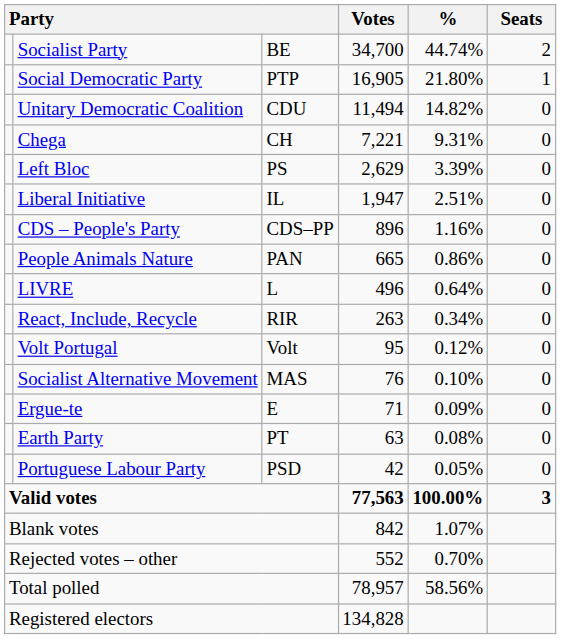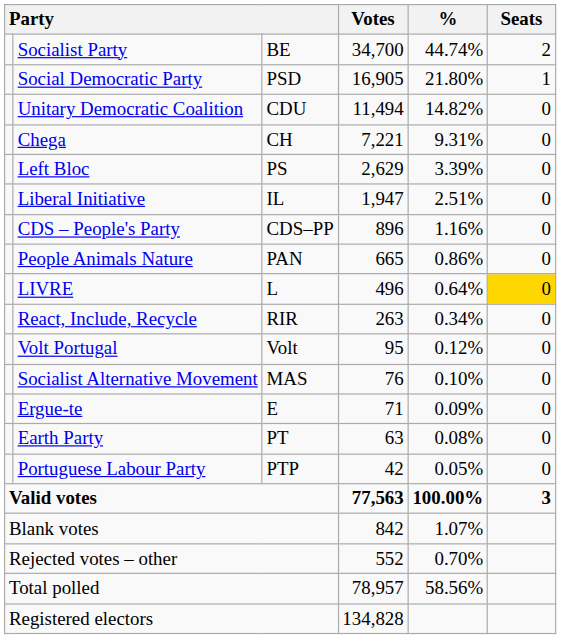 <table class="wikitable" border="1" style="text-align:right;">
 <tr>
 <th style="text-align:left;" colspan=3>Party</th>
 <th align=center width="50">Votes</th>
 <th align=center width="50">%</th>
 <th align=center width="50">Seats</th>
 </tr>
 <tr>
 <td></td>
 <td align=left><a href='#'>Socialist Party</a></td>
 <td align=left>BE</td>
 <td>34,700</td>
 <td>44.74%</td>
 <td>2</td>
 </tr>
 <tr>
 <td></td>
 <td align=left><a href='#'>Social Democratic Party</a></td>
-<td align=left>PTP</td>
+<td align=left>PSD</td>
 <td>16,905</td>
 <td>21.80%</td>
 <td>1</td>
 </tr>
 <tr>
 <td></td>
 <td align=left style="white-space: nowrap;"><a href='#'>Unitary Democratic Coalition</a></td>
 <td align=left>CDU</td>
 <td>11,494</td>
 <td>14.82%</td>
 <td>0</td>
 </tr>
 <tr>
 <td></td>
 <td align=left><a href='#'>Chega</a></td>
 <td align=left>CH</td>
 <td>7,221</td>
 <td>9.31%</td>
 <td>0</td>
 </tr>
 <tr>
 <td></td>
 <td align=left><a href='#'>Left Bloc</a></td>
 <td align=left>PS</td>
 <td>2,629</td>
 <td>3.39%</td>
 <td>0</td>
 </tr>
 <tr>
 <td></td>
 <td align=left><a href='#'>Liberal Initiative</a></td>
 <td align=left>IL</td>
 <td>1,947</td>
 <td>2.51%</td>
 <td>0</td>
 </tr>
 <tr>
 <td></td>
 <td align=left><a href='#'>CDS – People's Party</a></td>
 <td align=left style="white-space: nowrap;">CDS–PP</td>
 <td>896</td>
 <td>1.16%</td>
 <td>0</td>
 </tr>
 <tr>
 <td></td>
 <td align=left><a href='#'>People Animals Nature</a></td>
 <td align=left>PAN</td>
 <td>665</td>
 <td>0.86%</td>
 <td>0</td>
 </tr>
 <tr>
 <td></td>
 <td align=left><a href='#'>LIVRE</a></td>
 <td align=left>L</td>
 <td>496</td>
 <td>0.64%</td>
-<td>0</td>
+<td style="background: gold;">0</td>
 </tr>
 <tr>
 <td></td>
 <td align=left><a href='#'>React, Include, Recycle</a></td>
 <td align=left>RIR</td>
 <td>263</td>
 <td>0.34%</td>
 <td>0</td>
 </tr>
 <tr>
 <td></td>
 <td align=left><a href='#'>Volt Portugal</a></td>
 <td align=left>Volt</td>
 <td>95</td>
 <td>0.12%</td>
 <td>0</td>
 </tr>
 <tr>
 <td></td>
 <td align=left><a href='#'>Socialist Alternative Movement</a></td>
 <td align=left>MAS</td>
 <td>76</td>
 <td>0.10%</td>
 <td>0</td>
 </tr>
 <tr>
 <td></td>
 <td align=left><a href='#'>Ergue-te</a></td>
 <td align=left>E</td>
 <td>71</td>
 <td>0.09%</td>
 <td>0</td>
 </tr>
 <tr>
 <td></td>
 <td align=left><a href='#'>Earth Party</a></td>
 <td align=left>PT</td>
 <td>63</td>
 <td>0.08%</td>
 <td>0</td>
 </tr>
 <tr>
 <td></td>
 <td align=left><a href='#'>Portuguese Labour Party</a></td>
-<td align=left>PSD</td>
+<td align=left>PTP</td>
 <td>42</td>
 <td>0.05%</td>
 <td>0</td>
 </tr>
 <tr style="font-weight:bold">
 <td align=left colspan=3>Valid votes</td>
 <td>77,563</td>
 <td>100.00%</td>
 <td>3</td>
 </tr>
 <tr>
 <td align=left colspan=3>Blank votes</td>
 <td>842</td>
 <td>1.07%</td>
 <td></td>
 </tr>
 <tr>
 <td align=left colspan=3>Rejected votes – other</td>
 <td>552</td>
 <td>0.70%</td>
 <td></td>
 </tr>
 <tr>
 <td align=left colspan=3>Total polled</td>
 <td>78,957</td>
 <td>58.56%</td>
 <td></td>
 </tr>
 <tr>
 <td align=left colspan=3>Registered electors</td>
 <td>134,828</td>
 <td></td>
 <td></td>
 </tr>
 </table>
